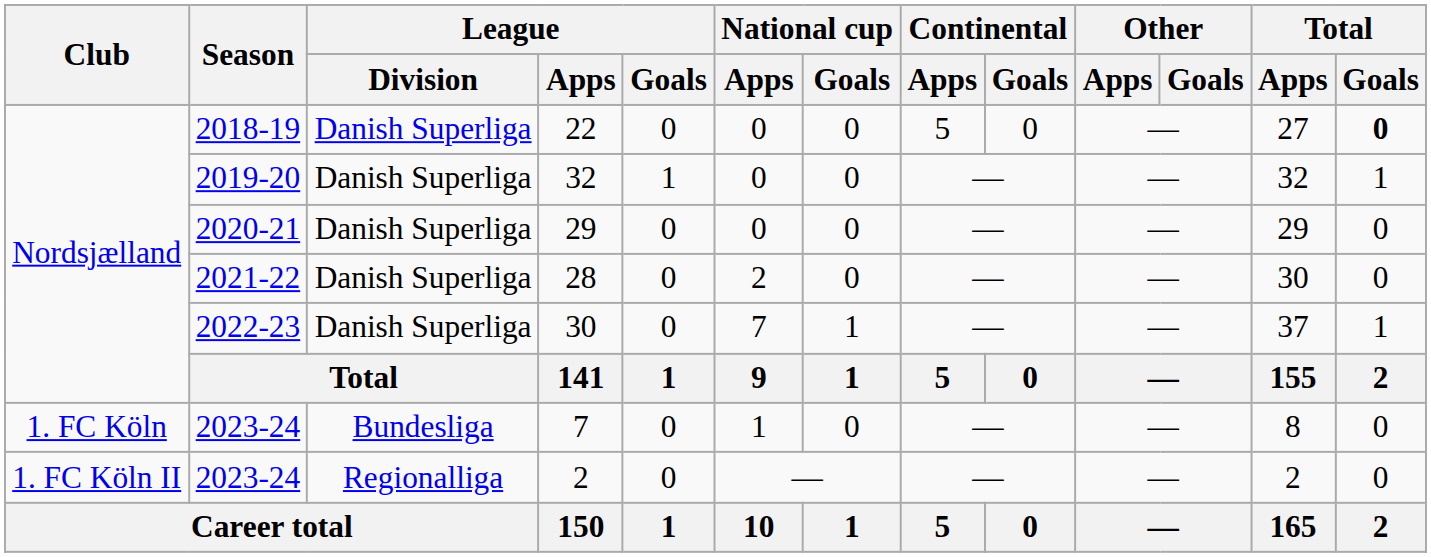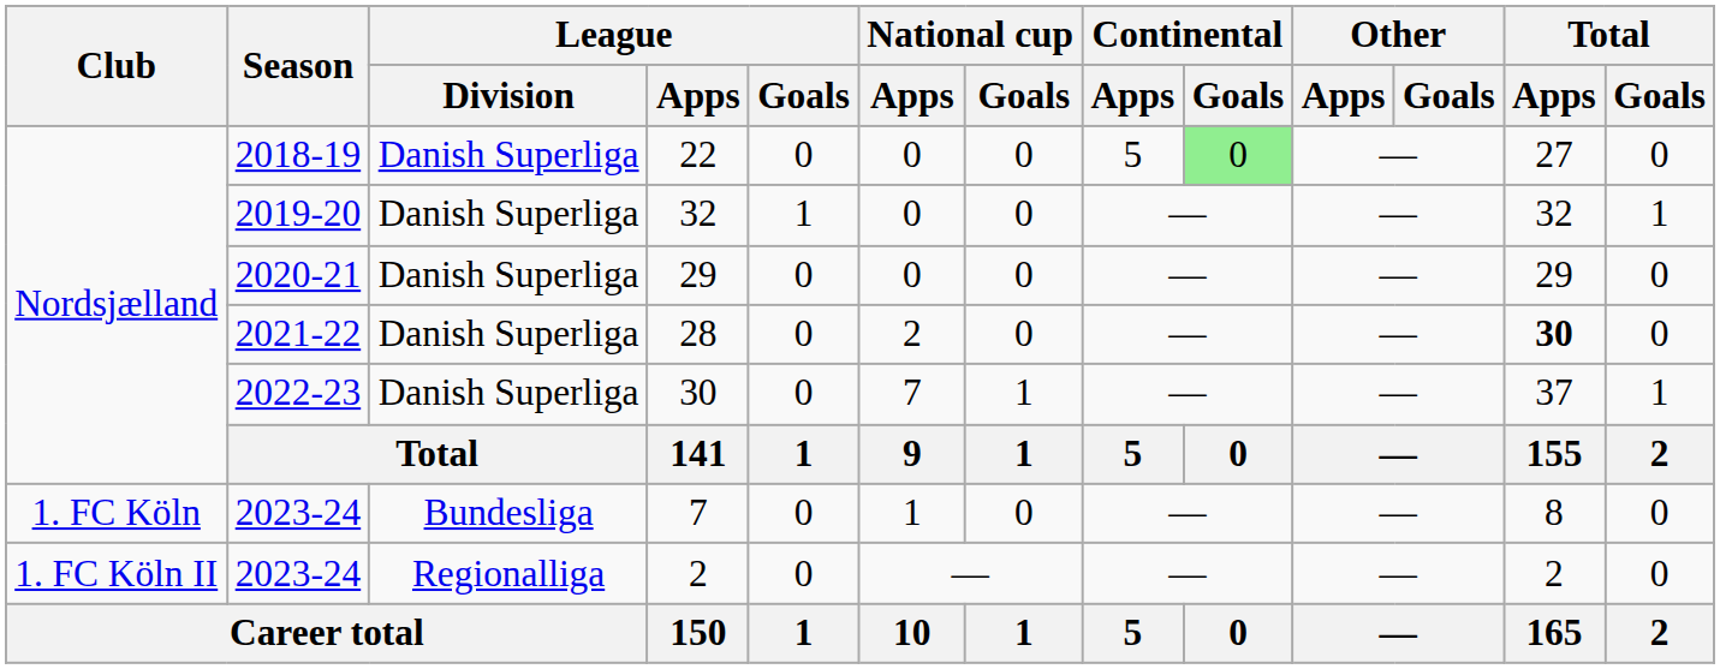 <table class="wikitable" style="text-align: center;">
 <tr>
 <th rowspan="2">Club</th>
 <th rowspan="2">Season</th>
 <th colspan="3">League</th>
 <th colspan="2">National cup</th>
 <th colspan="2">Continental</th>
 <th colspan="2">Other</th>
 <th colspan="2">Total</th>
 </tr>
 <tr>
 <th>Division</th>
 <th>Apps</th>
 <th>Goals</th>
 <th>Apps</th>
 <th>Goals</th>
 <th>Apps</th>
 <th>Goals</th>
 <th>Apps</th>
 <th>Goals</th>
 <th>Apps</th>
 <th>Goals</th>
 </tr>
 <tr>
 <td rowspan="6"><a href='#'>Nordsjælland</a></td>
 <td><a href='#'>2018-19</a></td>
 <td><a href='#'>Danish Superliga</a></td>
 <td>22</td>
 <td>0</td>
 <td>0</td>
 <td>0</td>
 <td>5</td>
-<td>0</td>
+<td style="background: lightgreen;">0</td>
 <td colspan="2">—</td>
 <td>27</td>
-<td><strong>0</strong></td>
+<td>0</td>
 </tr>
 <tr>
 <td><a href='#'>2019-20</a></td>
 <td>Danish Superliga</td>
 <td>32</td>
 <td>1</td>
 <td>0</td>
 <td>0</td>
 <td colspan="2">—</td>
 <td colspan="2">—</td>
 <td>32</td>
 <td>1</td>
 </tr>
 <tr>
 <td><a href='#'>2020-21</a></td>
 <td>Danish Superliga</td>
 <td>29</td>
 <td>0</td>
 <td>0</td>
 <td>0</td>
 <td colspan="2">—</td>
 <td colspan="2">—</td>
 <td>29</td>
 <td>0</td>
 </tr>
 <tr>
 <td><a href='#'>2021-22</a></td>
 <td>Danish Superliga</td>
 <td>28</td>
 <td>0</td>
 <td>2</td>
 <td>0</td>
 <td colspan="2">—</td>
 <td colspan="2">—</td>
-<td>30</td>
+<td><strong>30</strong></td>
 <td>0</td>
 </tr>
 <tr>
 <td><a href='#'>2022-23</a></td>
 <td>Danish Superliga</td>
 <td>30</td>
 <td>0</td>
 <td>7</td>
 <td>1</td>
 <td colspan="2">—</td>
 <td colspan="2">—</td>
 <td>37</td>
 <td>1</td>
 </tr>
 <tr>
 <th colspan="2">Total</th>
 <th>141</th>
 <th>1</th>
 <th>9</th>
 <th>1</th>
 <th>5</th>
 <th>0</th>
 <th colspan="2">—</th>
 <th>155</th>
 <th>2</th>
 </tr>
 <tr>
 <td><a href='#'>1. FC Köln</a></td>
 <td><a href='#'>2023-24</a></td>
 <td><a href='#'>Bundesliga</a></td>
 <td>7</td>
 <td>0</td>
 <td>1</td>
 <td>0</td>
 <td colspan="2">—</td>
 <td colspan="2">—</td>
 <td>8</td>
 <td>0</td>
 </tr>
 <tr>
 <td><a href='#'>1. FC Köln II</a></td>
 <td><a href='#'>2023-24</a></td>
 <td><a href='#'>Regionalliga</a></td>
 <td>2</td>
 <td>0</td>
 <td colspan="2">—</td>
 <td colspan="2">—</td>
 <td colspan="2">—</td>
 <td>2</td>
 <td>0</td>
 </tr>
 <tr>
 <th colspan="3">Career total</th>
 <th>150</th>
 <th>1</th>
 <th>10</th>
 <th>1</th>
 <th>5</th>
 <th>0</th>
 <th colspan="2">—</th>
 <th>165</th>
 <th>2</th>
 </tr>
 </table>
